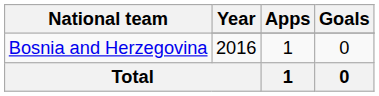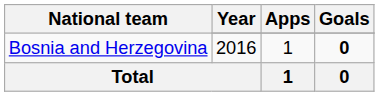 <table class=wikitable style="text-align: center">
 <tr>
 <th>National team</th>
 <th>Year</th>
 <th>Apps</th>
 <th>Goals</th>
 </tr>
 <tr>
 <td rowspan=2><a href='#'>Bosnia and Herzegovina</a></td>
 </tr>
 <tr>
 <td>2016</td>
 <td>1</td>
-<td>0</td>
+<td><strong>0</strong></td>
 </tr>
 <tr>
 <th colspan=2>Total</th>
 <th>1</th>
 <th>0</th>
 </tr>
 </table>
